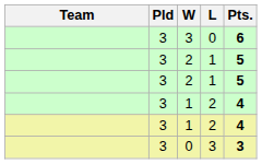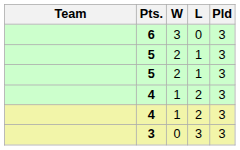 <table class=wikitable style="text-align:center">
 <tr>
 <th width=160>Team</th>
-<th width=20>Pld</th>
+<th width=30>Pts.</th>
 <th width=20>W</th>
 <th width=20>L</th>
-<th width=30>Pts.</th>
+<th width=20>Pld</th>
 </tr>
 <tr bgcolor=ccffcc>
 <td align=left></td>
-<td>3</td>
+<td><strong>6</strong></td>
 <td>3</td>
 <td>0</td>
-<td><strong>6</strong></td>
+<td>3</td>
 </tr>
 <tr bgcolor=ccffcc>
 <td align=left></td>
-<td>3</td>
+<td><strong>5</strong></td>
 <td>2</td>
 <td>1</td>
-<td><strong>5</strong></td>
+<td>3</td>
 </tr>
 <tr bgcolor=ccffcc>
 <td align=left></td>
-<td>3</td>
+<td><strong>5</strong></td>
 <td>2</td>
 <td>1</td>
-<td><strong>5</strong></td>
+<td>3</td>
 </tr>
 <tr bgcolor=ccffcc>
 <td align=left></td>
-<td>3</td>
+<td><strong>4</strong></td>
 <td>1</td>
 <td>2</td>
-<td><strong>4</strong></td>
+<td>3</td>
 </tr>
 <tr bgcolor=f2f5a9>
 <td align=left></td>
-<td>3</td>
+<td><strong>4</strong></td>
 <td>1</td>
 <td>2</td>
-<td><strong>4</strong></td>
+<td>3</td>
 </tr>
 <tr bgcolor=f2f5a9>
 <td align=left></td>
-<td>3</td>
+<td><strong>3</strong></td>
 <td>0</td>
 <td>3</td>
-<td><strong>3</strong></td>
+<td>3</td>
 </tr>
 </table>
